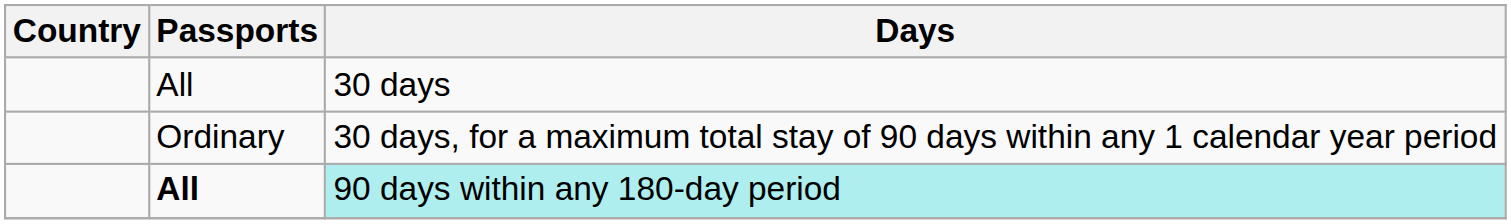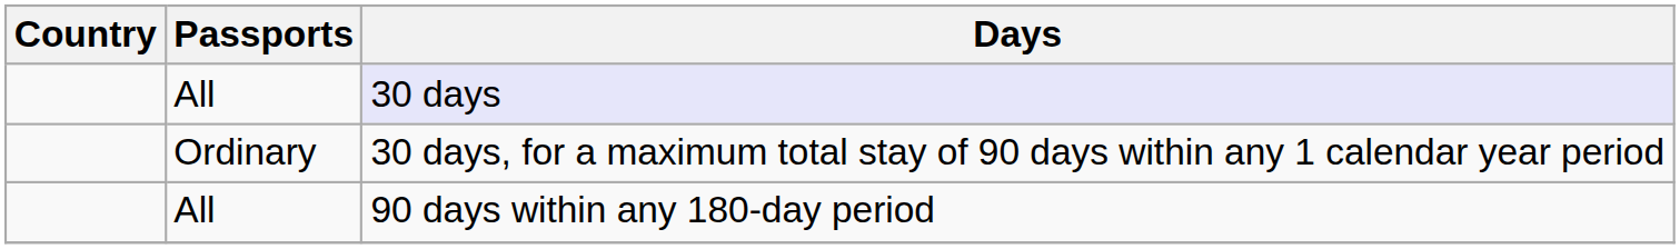 <table class="wikitable">
 <tr>
 <th>Country</th>
 <th>Passports</th>
 <th>Days</th>
 </tr>
 <tr>
 <td></td>
 <td>All</td>
-<td>30 days</td>
+<td style="background: lavender;">30 days</td>
 </tr>
 <tr>
 <td></td>
 <td>Ordinary</td>
 <td>30 days, for a maximum total stay of 90 days within any 1 calendar year period</td>
 </tr>
 <tr>
 <td></td>
-<td><strong>All</strong></td>
-<td style="background: paleturquoise;">90 days within any 180-day period</td>
+<td>All</td>
+<td>90 days within any 180-day period</td>
 </tr>
 <tr>
 </tr>
 </table>
